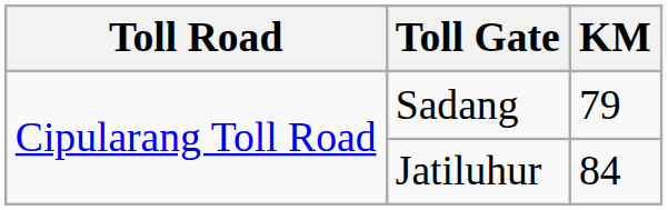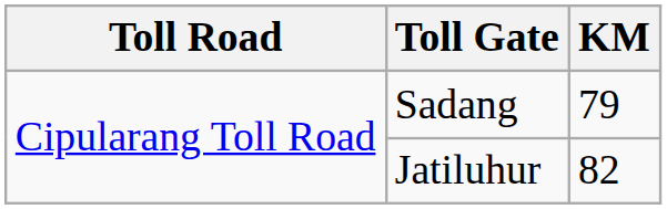 <table class="wikitable">
 <tr>
 <th>Toll Road</th>
 <th>Toll Gate</th>
 <th>KM</th>
 </tr>
 <tr>
 <td rowspan="2"><a href='#'>Cipularang Toll Road</a></td>
 <td>Sadang</td>
 <td>79</td>
 </tr>
 <tr>
 <td>Jatiluhur</td>
-<td>84</td>
+<td>82</td>
 </tr>
 </table>
